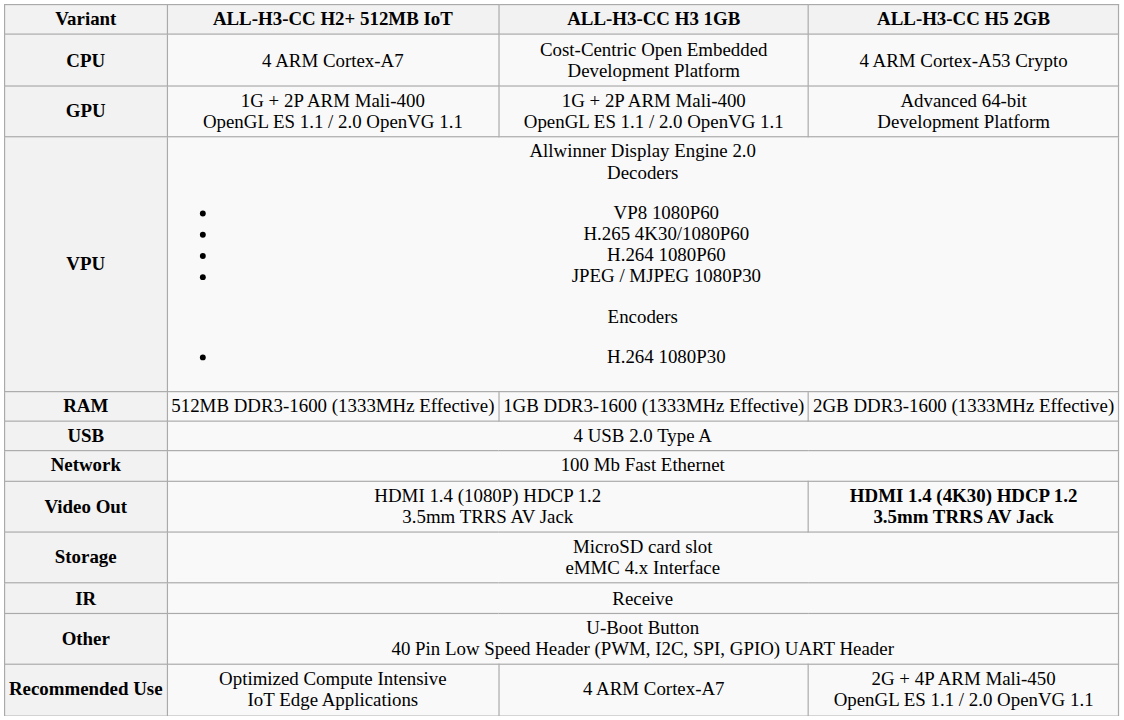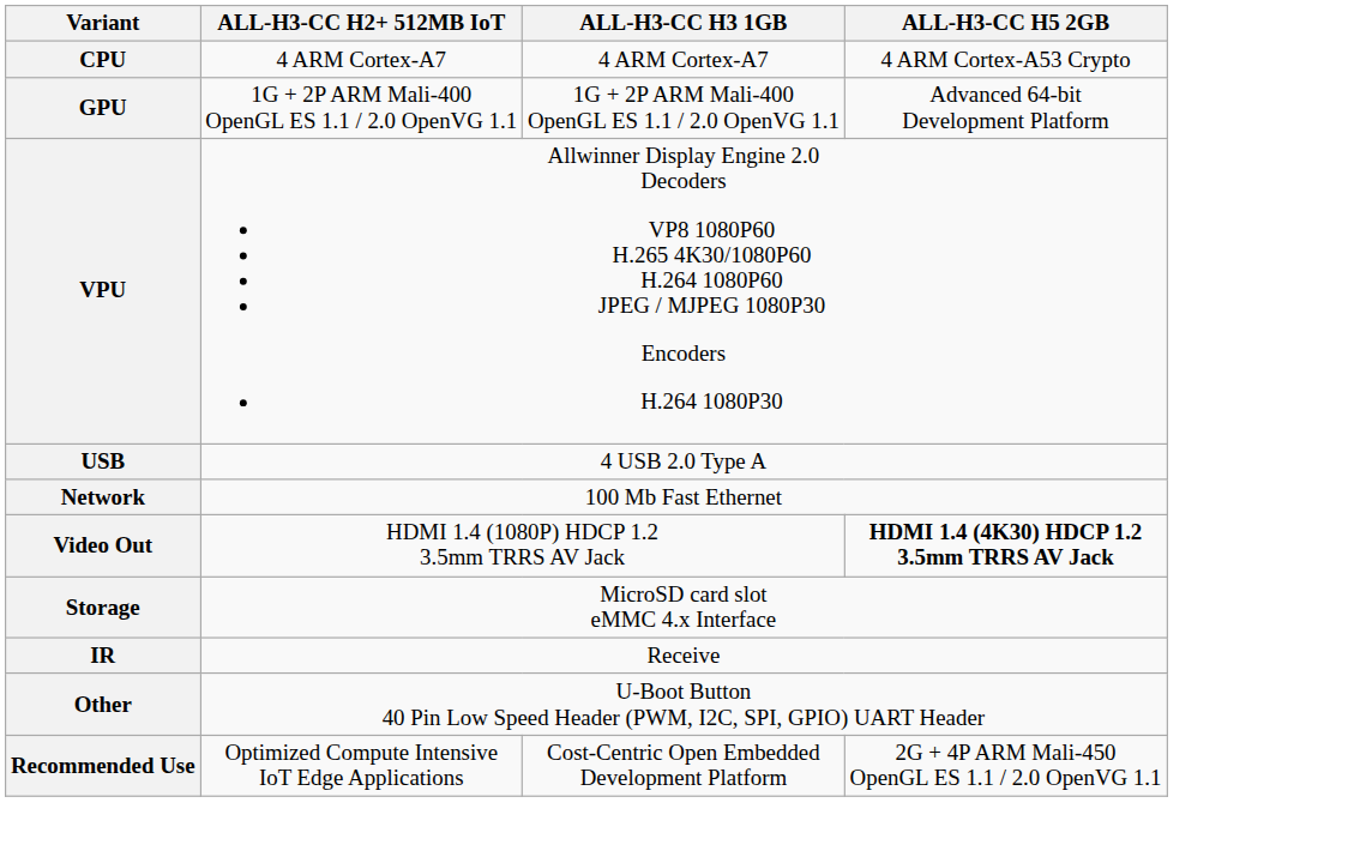 <table class="wikitable sortable" border="1" style="text-align:center;">
 <tr>
 <th>Variant</th>
 <th>ALL-H3-CC H2+ 512MB IoT</th>
 <th>ALL-H3-CC H3 1GB</th>
 <th>ALL-H3-CC H5 2GB</th>
 </tr>
 <tr>
 <th>CPU</th>
 <td>4 ARM Cortex-A7</td>
-<td>Cost-Centric Open Embedded<br>Development Platform</td>
+<td>4 ARM Cortex-A7</td>
 <td>4 ARM Cortex-A53 Crypto</td>
 </tr>
 <tr>
 <th>GPU</th>
 <td>1G + 2P ARM Mali-400<br>OpenGL ES 1.1 / 2.0 OpenVG 1.1</td>
 <td>1G + 2P ARM Mali-400<br>OpenGL ES 1.1 / 2.0 OpenVG 1.1</td>
 <td>Advanced 64-bit<br>Development Platform</td>
 </tr>
 <tr>
 <th>VPU</th>
 <td colspan=3>Allwinner Display Engine 2.0<br>Decoders<ul><li>VP8 1080P60</li><li>H.265 4K30/1080P60</li><li>H.264 1080P60</li><li>JPEG / MJPEG 1080P30</li></ul>Encoders<ul><li>H.264 1080P30</li></ul></td>
-</tr>
-<tr>
-<th colspan=1>RAM</th>
-<td>512MB DDR3-1600 (1333MHz Effective)</td>
-<td>1GB DDR3-1600 (1333MHz Effective)</td>
-<td>2GB DDR3-1600 (1333MHz Effective)</td>
 </tr>
 <tr>
 <th>USB</th>
 <td colspan=3>4 USB 2.0 Type A</td>
 </tr>
 <tr>
 <th colspan=1>Network</th>
 <td colspan=3>100 Mb Fast Ethernet</td>
 </tr>
 <tr>
 <th colspan=1>Video Out</th>
 <td colspan=2>HDMI 1.4 (1080P) HDCP 1.2<br>3.5mm TRRS AV Jack</td>
 <td colspan=1><strong>HDMI 1.4 (4K30) HDCP 1.2<br>3.5mm TRRS AV Jack</strong></td>
 </tr>
 <tr>
 <th>Storage</th>
 <td colspan=3>MicroSD card slot<br>eMMC 4.x Interface</td>
 </tr>
 <tr>
 <th colspan=1>IR</th>
 <td colspan=3>Receive</td>
 </tr>
 <tr>
 <th colspan=1>Other</th>
 <td colspan=3>U-Boot Button<br>40 Pin Low Speed Header (PWM, I2C, SPI, GPIO) UART Header</td>
 </tr>
 <tr>
 <th colspan=1>Recommended Use</th>
 <td>Optimized Compute Intensive<br>IoT Edge Applications</td>
-<td>4 ARM Cortex-A7</td>
+<td>Cost-Centric Open Embedded<br>Development Platform</td>
 <td>2G + 4P ARM Mali-450<br>OpenGL ES 1.1 / 2.0 OpenVG 1.1</td>
 </tr>
 </table>
